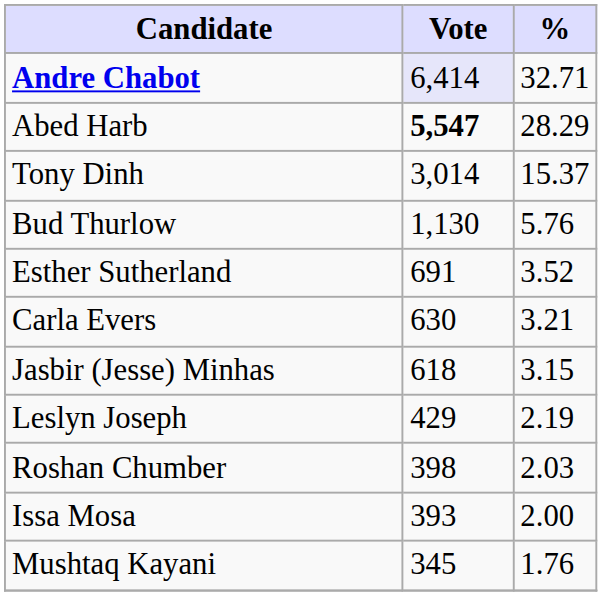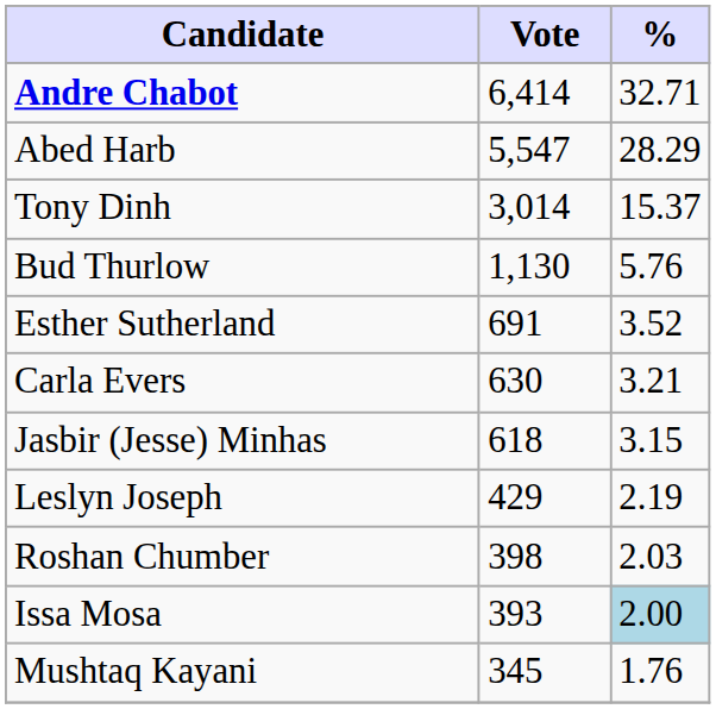 <table class="wikitable">
 <tr>
 <th style="background:#ddf; width:200px;">Candidate</th>
 <th style="background:#ddf; width:50px;">Vote</th>
 <th style="background:#ddf; width:30px;">%</th>
 </tr>
 <tr>
 <td><strong><a href='#'>Andre Chabot</a></strong></td>
-<td style="background: lavender;">6,414</td>
+<td>6,414</td>
 <td>32.71</td>
 </tr>
 <tr>
 <td>Abed Harb</td>
-<td><strong>5,547</strong></td>
+<td>5,547</td>
 <td>28.29</td>
 </tr>
 <tr>
 <td>Tony Dinh</td>
 <td>3,014</td>
 <td>15.37</td>
 </tr>
 <tr>
 <td>Bud Thurlow</td>
 <td>1,130</td>
 <td>5.76</td>
 </tr>
 <tr>
 <td>Esther Sutherland</td>
 <td>691</td>
 <td>3.52</td>
 </tr>
 <tr>
 <td>Carla Evers</td>
 <td>630</td>
 <td>3.21</td>
 </tr>
 <tr>
 <td>Jasbir (Jesse) Minhas</td>
 <td>618</td>
 <td>3.15</td>
 </tr>
 <tr>
 <td>Leslyn Joseph</td>
 <td>429</td>
 <td>2.19</td>
 </tr>
 <tr>
 <td>Roshan Chumber</td>
 <td>398</td>
 <td>2.03</td>
 </tr>
 <tr>
 <td>Issa Mosa</td>
 <td>393</td>
-<td>2.00</td>
+<td style="background: lightblue;">2.00</td>
 </tr>
 <tr>
 <td>Mushtaq Kayani</td>
 <td>345</td>
 <td>1.76</td>
 </tr>
 <tr>
 </tr>
 </table>
